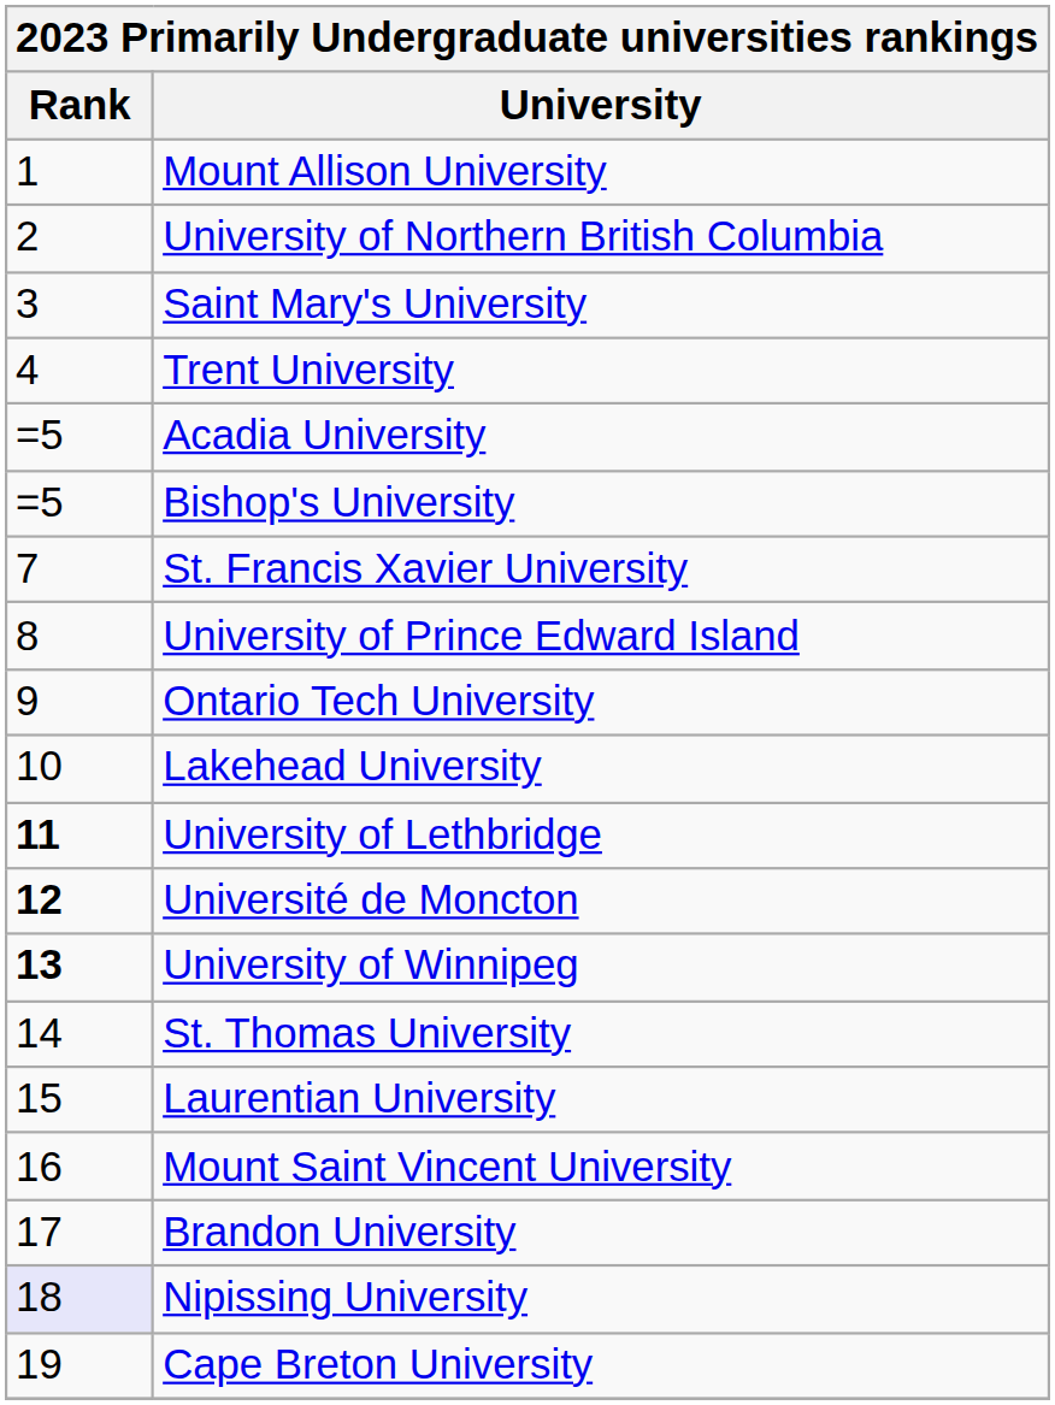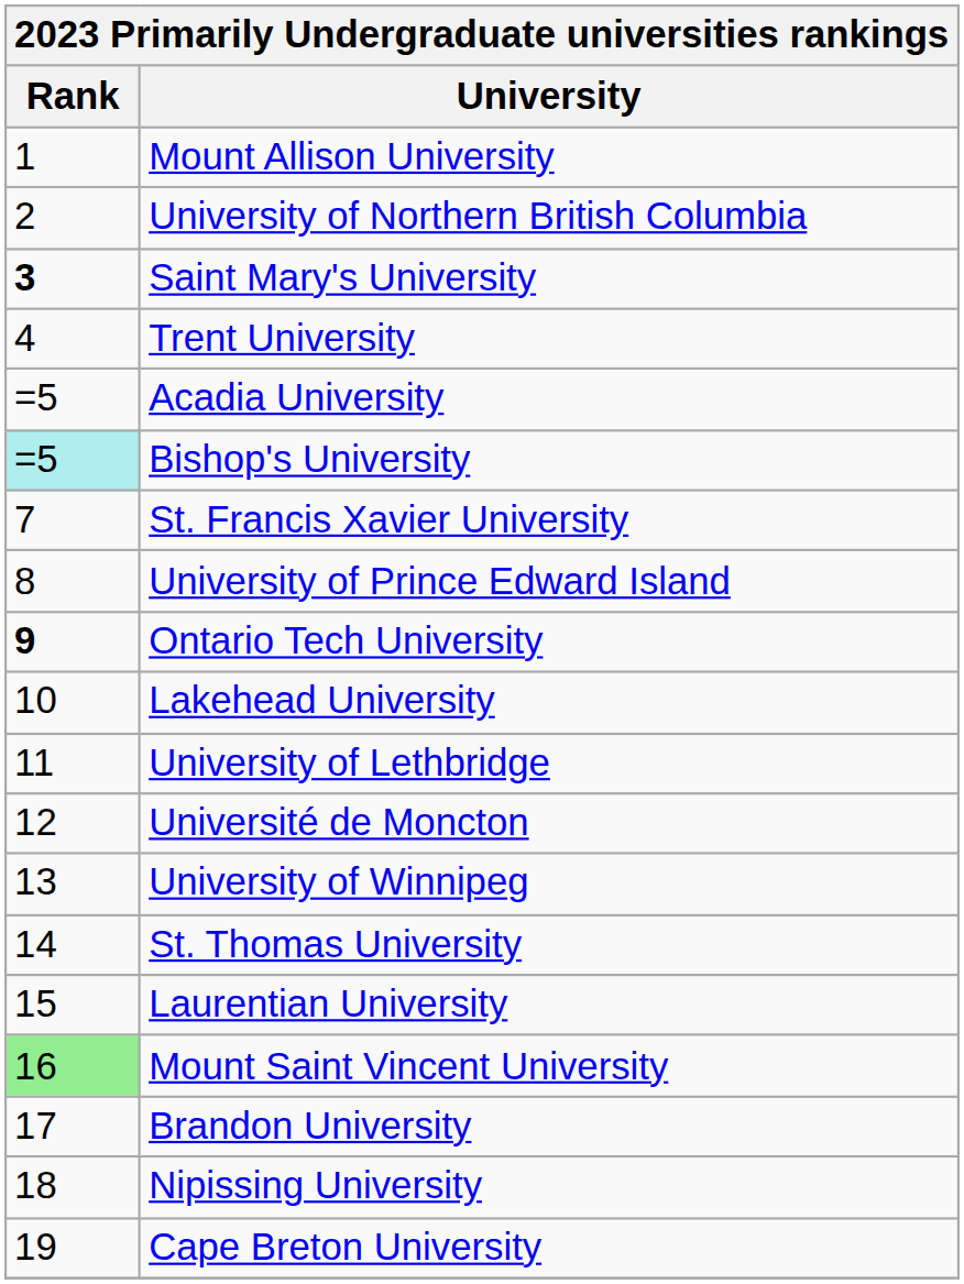 <table class="wikitable sortable">
 <tr>
 <th colspan="3">2023 Primarily Undergraduate universities rankings</th>
 </tr>
 <tr>
 <th>Rank</th>
 <th>University</th>
 </tr>
 <tr>
 <td>1</td>
 <td><a href='#'>Mount Allison University</a></td>
 </tr>
 <tr>
 <td>2</td>
 <td><a href='#'>University of Northern British Columbia</a></td>
 </tr>
 <tr>
-<td>3</td>
+<td><strong>3</strong></td>
 <td><a href='#'>Saint Mary's University</a></td>
 </tr>
 <tr>
 <td>4</td>
 <td><a href='#'>Trent University</a></td>
 </tr>
 <tr>
 <td data-sort-value="5">=5</td>
 <td><a href='#'>Acadia University</a></td>
 </tr>
 <tr>
-<td data-sort-value="5">=5</td>
+<td data-sort-value="5" style="background: paleturquoise;">=5</td>
 <td><a href='#'>Bishop's University</a></td>
 </tr>
 <tr>
 <td>7</td>
 <td><a href='#'>St. Francis Xavier University</a></td>
 </tr>
 <tr>
 <td>8</td>
 <td><a href='#'>University of Prince Edward Island</a></td>
 </tr>
 <tr>
-<td>9</td>
+<td><strong>9</strong></td>
 <td><a href='#'>Ontario Tech University</a></td>
 </tr>
 <tr>
 <td>10</td>
 <td><a href='#'>Lakehead University</a></td>
 </tr>
 <tr>
-<td><strong>11</strong></td>
+<td>11</td>
 <td><a href='#'>University of Lethbridge</a></td>
 </tr>
 <tr>
-<td><strong>12</strong></td>
+<td>12</td>
 <td><a href='#'>Université de Moncton</a></td>
 </tr>
 <tr>
-<td><strong>13</strong></td>
+<td>13</td>
 <td><a href='#'>University of Winnipeg</a></td>
 </tr>
 <tr>
 <td>14</td>
 <td><a href='#'>St. Thomas University</a></td>
 </tr>
 <tr>
 <td>15</td>
 <td><a href='#'>Laurentian University</a></td>
 </tr>
 <tr>
-<td>16</td>
+<td style="background: lightgreen;">16</td>
 <td><a href='#'>Mount Saint Vincent University</a></td>
 </tr>
 <tr>
 <td>17</td>
 <td><a href='#'>Brandon University</a></td>
 </tr>
 <tr>
-<td style="background: lavender;">18</td>
+<td>18</td>
 <td><a href='#'>Nipissing University</a></td>
 </tr>
 <tr>
 <td>19</td>
 <td><a href='#'>Cape Breton University</a></td>
 </tr>
 <tr>
 </tr>
 </table>
